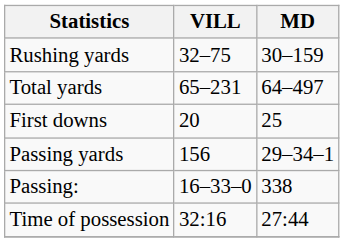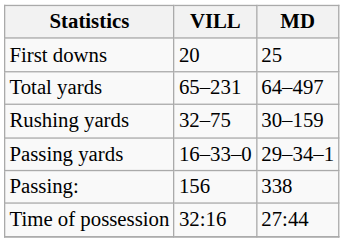 <table class="wikitable" style="float: left;">
 <tr>
 <th>Statistics</th>
 <th>VILL</th>
 <th>MD</th>
 </tr>
 <tr>
-<td>Rushing yards</td>
-<td>32–75</td>
-<td>30–159</td>
+<td>First downs</td>
+<td>20</td>
+<td>25</td>
 </tr>
 <tr>
 <td>Total yards</td>
 <td>65–231</td>
 <td>64–497</td>
 </tr>
 <tr>
-<td>First downs</td>
-<td>20</td>
-<td>25</td>
+<td>Rushing yards</td>
+<td>32–75</td>
+<td>30–159</td>
 </tr>
 <tr>
 <td>Passing yards</td>
-<td>156</td>
+<td>16–33–0</td>
 <td>29–34–1</td>
 </tr>
 <tr>
 <td>Passing:</td>
-<td>16–33–0</td>
+<td>156</td>
 <td>338</td>
 </tr>
 <tr>
 <td>Time of possession</td>
 <td>32:16</td>
 <td>27:44</td>
 </tr>
 <tr>
 </tr>
 </table>
